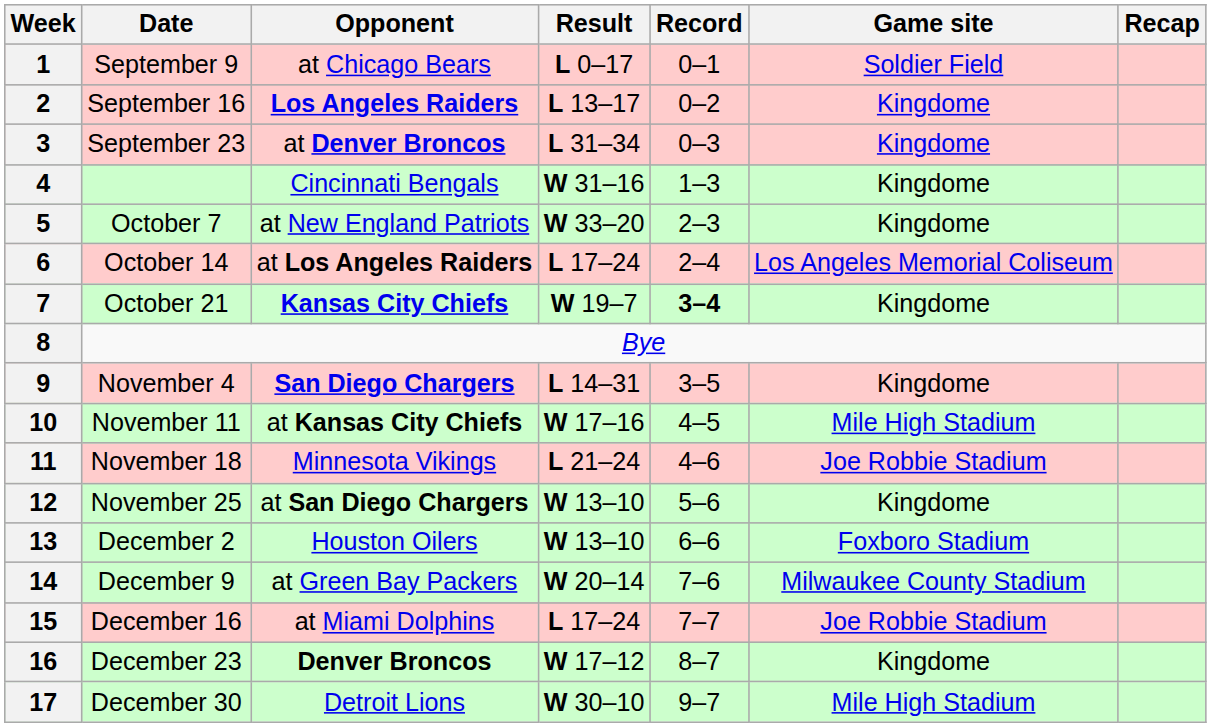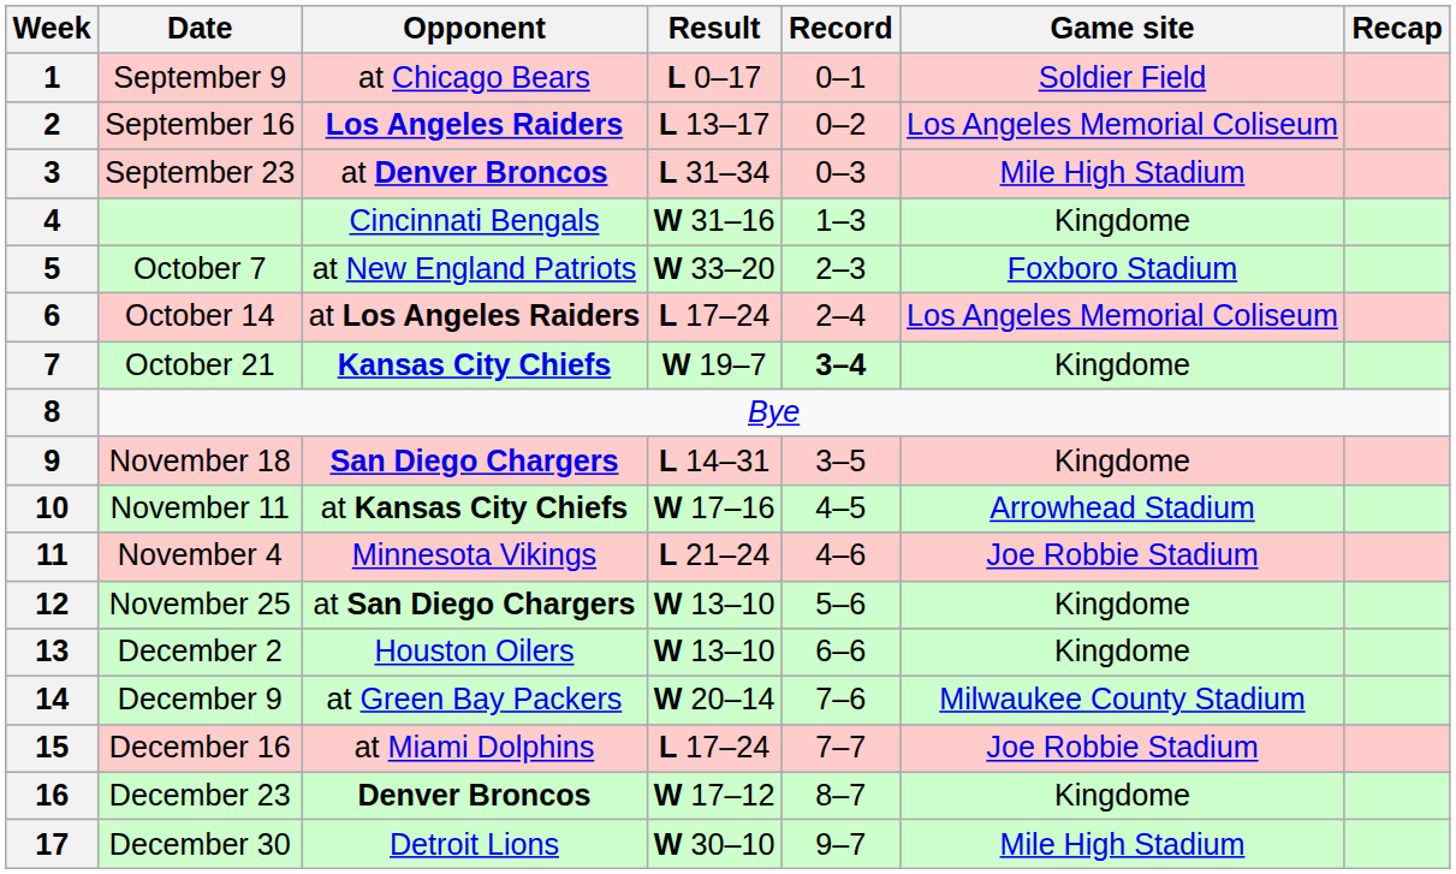 <table class="wikitable" style="text-align:center">
 <tr>
 <th>Week</th>
 <th>Date</th>
 <th>Opponent</th>
 <th>Result</th>
 <th>Record</th>
 <th>Game site</th>
 <th>Recap</th>
 </tr>
 <tr style="background:#fcc">
 <th>1</th>
 <td>September 9</td>
 <td>at <a href='#'>Chicago Bears</a></td>
 <td><strong>L</strong> 0–17</td>
 <td>0–1</td>
 <td><a href='#'>Soldier Field</a></td>
 <td></td>
 </tr>
 <tr style="background:#fcc">
 <th>2</th>
 <td>September 16</td>
 <td><strong><a href='#'>Los Angeles Raiders</a></strong></td>
 <td><strong>L</strong> 13–17</td>
 <td>0–2</td>
-<td><a href='#'>Kingdome</a></td>
+<td><a href='#'>Los Angeles Memorial Coliseum</a></td>
 <td></td>
 </tr>
 <tr style="background:#fcc">
 <th>3</th>
 <td>September 23</td>
 <td>at <strong><a href='#'>Denver Broncos</a></strong></td>
 <td><strong>L</strong> 31–34 </td>
 <td>0–3</td>
-<td><a href='#'>Kingdome</a></td>
+<td><a href='#'>Mile High Stadium</a></td>
 <td></td>
 </tr>
 <tr style="background:#cfc">
 <th>4</th>
 <td></td>
 <td><a href='#'>Cincinnati Bengals</a></td>
 <td><strong>W</strong> 31–16</td>
 <td>1–3</td>
 <td>Kingdome</td>
 <td></td>
 </tr>
 <tr style="background:#cfc">
 <th>5</th>
 <td>October 7</td>
 <td>at <a href='#'>New England Patriots</a></td>
 <td><strong>W</strong> 33–20</td>
 <td>2–3</td>
-<td>Kingdome</td>
+<td><a href='#'>Foxboro Stadium</a></td>
 <td></td>
 </tr>
 <tr style="background:#fcc">
 <th>6</th>
 <td>October 14</td>
 <td>at <strong>Los Angeles Raiders</strong></td>
 <td><strong>L</strong> 17–24</td>
 <td>2–4</td>
 <td><a href='#'>Los Angeles Memorial Coliseum</a></td>
 <td></td>
 </tr>
 <tr style="background:#cfc">
 <th>7</th>
 <td>October 21</td>
 <td><strong><a href='#'>Kansas City Chiefs</a></strong></td>
 <td><strong>W</strong> 19–7</td>
 <td><strong>3–4</strong></td>
 <td>Kingdome</td>
 <td></td>
 </tr>
 <tr>
 <th>8</th>
 <td colspan="6"><em><a href='#'>Bye</a></em></td>
 </tr>
 <tr style="background:#fcc">
 <th>9</th>
-<td>November 4</td>
+<td>November 18</td>
 <td><strong><a href='#'>San Diego Chargers</a></strong></td>
 <td><strong>L</strong> 14–31</td>
 <td>3–5</td>
 <td>Kingdome</td>
 <td></td>
 </tr>
 <tr style="background:#cfc; text-align:center;">
 <th>10</th>
 <td>November 11</td>
 <td>at <strong>Kansas City Chiefs</strong></td>
 <td><strong>W</strong> 17–16</td>
 <td>4–5</td>
-<td><a href='#'>Mile High Stadium</a></td>
+<td><a href='#'>Arrowhead Stadium</a></td>
 <td></td>
 </tr>
 <tr style="background:#fcc; text-align:center;">
 <th>11</th>
-<td>November 18</td>
+<td>November 4</td>
 <td><a href='#'>Minnesota Vikings</a></td>
 <td><strong>L</strong> 21–24</td>
 <td>4–6</td>
 <td><a href='#'>Joe Robbie Stadium</a></td>
 <td></td>
 </tr>
 <tr style="background:#cfc">
 <th>12</th>
 <td>November 25</td>
 <td>at <strong>San Diego Chargers</strong></td>
 <td><strong>W</strong> 13–10 </td>
 <td>5–6</td>
 <td>Kingdome</td>
 <td></td>
 </tr>
 <tr style="background:#cfc">
 <th>13</th>
 <td>December 2</td>
 <td><a href='#'>Houston Oilers</a></td>
 <td><strong>W</strong> 13–10 </td>
 <td>6–6</td>
-<td><a href='#'>Foxboro Stadium</a></td>
+<td>Kingdome</td>
 <td></td>
 </tr>
 <tr style="background:#cfc">
 <th>14</th>
 <td>December 9</td>
 <td>at <a href='#'>Green Bay Packers</a></td>
 <td><strong>W</strong> 20–14</td>
 <td>7–6</td>
 <td><a href='#'>Milwaukee County Stadium</a></td>
 <td></td>
 </tr>
 <tr style="background:#fcc">
 <th>15</th>
 <td>December 16</td>
 <td>at <a href='#'>Miami Dolphins</a></td>
 <td><strong>L</strong> 17–24</td>
 <td>7–7</td>
 <td><a href='#'>Joe Robbie Stadium</a></td>
 <td></td>
 </tr>
 <tr style="background:#cfc">
 <th>16</th>
 <td>December 23</td>
 <td><strong>Denver Broncos</strong></td>
 <td><strong>W</strong> 17–12</td>
 <td>8–7</td>
 <td>Kingdome</td>
 <td></td>
 </tr>
 <tr style="background:#cfc">
 <th>17</th>
 <td>December 30</td>
 <td><a href='#'>Detroit Lions</a></td>
 <td><strong>W</strong> 30–10</td>
 <td>9–7</td>
 <td><a href='#'>Mile High Stadium</a></td>
 <td></td>
 </tr>
 </table>
